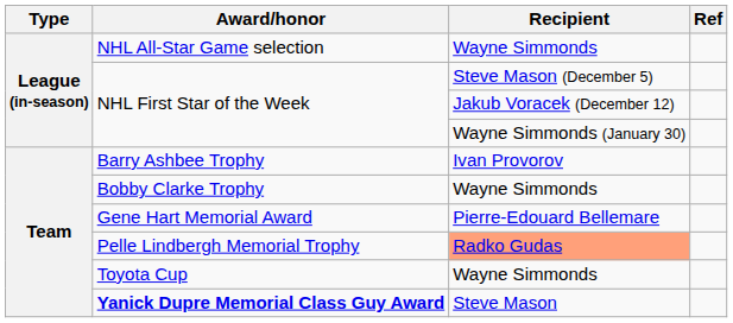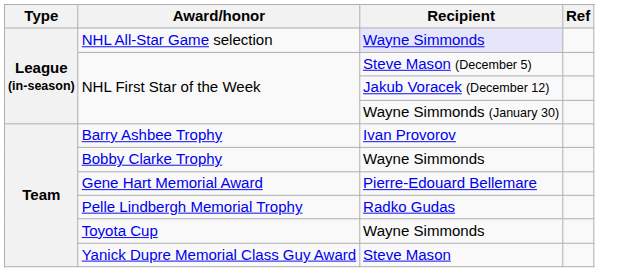 <table class="wikitable">
 <tr>
 <th scope="col">Type</th>
 <th scope="col">Award/honor</th>
 <th scope="col">Recipient</th>
 <th scope="col">Ref</th>
 </tr>
 <tr>
 <th scope="row" rowspan="4">League<br><small>(in-season)</small></th>
 <td><a href='#'>NHL All-Star Game</a> selection</td>
-<td><a href='#'>Wayne Simmonds</a></td>
+<td style="background: lavender;"><a href='#'>Wayne Simmonds</a></td>
 <td></td>
 </tr>
 <tr>
 <td rowspan="3">NHL First Star of the Week</td>
 <td><a href='#'>Steve Mason</a> <small>(December 5)</small></td>
 <td></td>
 </tr>
 <tr>
 <td><a href='#'>Jakub Voracek</a> <small>(December 12)</small></td>
 <td></td>
 </tr>
 <tr>
 <td>Wayne Simmonds <small>(January 30)</small></td>
 <td></td>
 </tr>
 <tr>
 <th scope="row" rowspan="6">Team</th>
 <td><a href='#'>Barry Ashbee Trophy</a></td>
 <td><a href='#'>Ivan Provorov</a></td>
 <td></td>
 </tr>
 <tr>
 <td><a href='#'>Bobby Clarke Trophy</a></td>
 <td>Wayne Simmonds</td>
 <td></td>
 </tr>
 <tr>
 <td><a href='#'>Gene Hart Memorial Award</a></td>
 <td><a href='#'>Pierre-Edouard Bellemare</a></td>
 <td></td>
 </tr>
 <tr>
 <td><a href='#'>Pelle Lindbergh Memorial Trophy</a></td>
-<td style="background: lightsalmon;"><a href='#'>Radko Gudas</a></td>
+<td><a href='#'>Radko Gudas</a></td>
 <td></td>
 </tr>
 <tr>
 <td><a href='#'>Toyota Cup</a></td>
 <td>Wayne Simmonds</td>
 <td></td>
 </tr>
 <tr>
-<td><strong><a href='#'>Yanick Dupre Memorial Class Guy Award</a></strong></td>
+<td><a href='#'>Yanick Dupre Memorial Class Guy Award</a></td>
 <td><a href='#'>Steve Mason</a></td>
 <td></td>
 </tr>
 </table>
